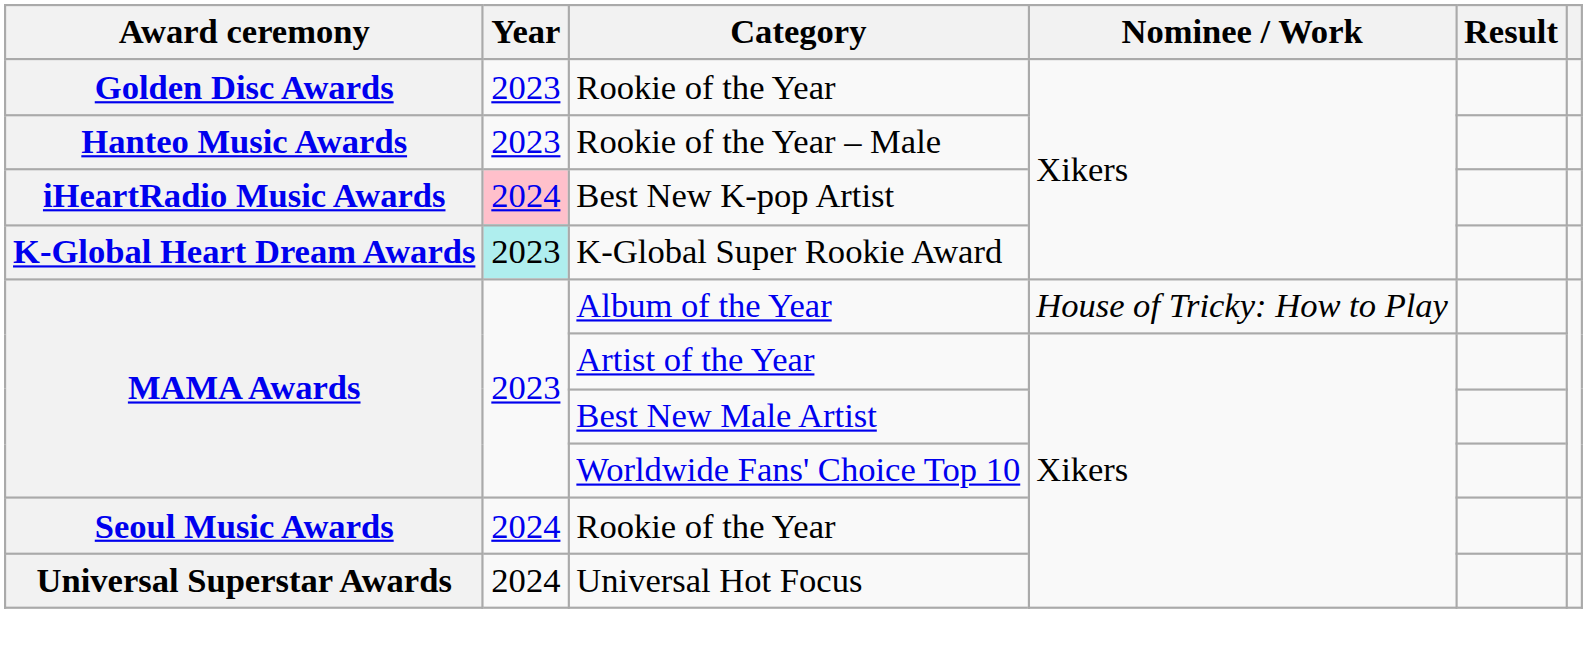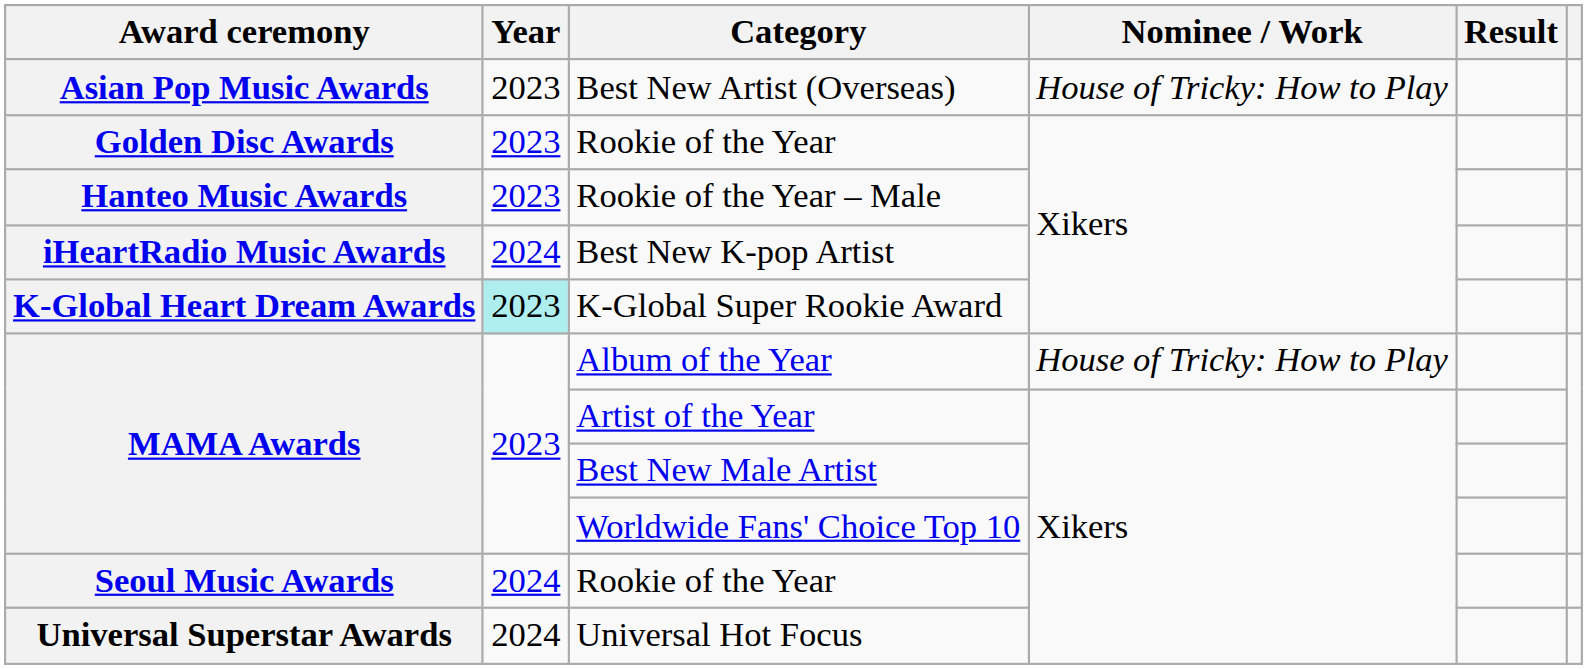 <table class="wikitable plainrowheaders sortable">
 <tr>
 <th scope="col">Award ceremony</th>
 <th scope="col">Year</th>
 <th scope="col">Category</th>
 <th scope="col">Nominee / Work</th>
 <th scope="col">Result</th>
 <th scope="col" class="unsortable"></th>
+</tr>
+<tr>
+<th scope="row"><a href='#'>Asian Pop Music Awards</a></th>
+<td style="text-align:center">2023</td>
+<td>Best New Artist (Overseas)</td>
+<td><em>House of Tricky: How to Play</em></td>
+<td></td>
+<td style="text-align:center"></td>
 </tr>
 <tr>
 <th scope="row"><a href='#'>Golden Disc Awards</a></th>
 <td style="text-align:center"><a href='#'>2023</a></td>
 <td>Rookie of the Year</td>
 <td rowspan="4">Xikers</td>
 <td></td>
 <td style="text-align:center"></td>
 </tr>
 <tr>
 <th scope="row"><a href='#'>Hanteo Music Awards</a></th>
 <td style="text-align:center"><a href='#'>2023</a></td>
 <td>Rookie of the Year – Male</td>
 <td></td>
 <td style="text-align:center"></td>
 </tr>
 <tr>
 <th scope="row"><a href='#'>iHeartRadio Music Awards</a></th>
-<td style="background: pink; text-align:center"><a href='#'>2024</a></td>
+<td style="text-align:center"><a href='#'>2024</a></td>
 <td>Best New K-pop Artist</td>
 <td></td>
 <td style="text-align:center"></td>
 </tr>
 <tr>
 <th scope="row"><a href='#'>K-Global Heart Dream Awards</a></th>
 <td style="background: paleturquoise; text-align:center">2023</td>
 <td style="text-align:left">K-Global Super Rookie Award</td>
 <td></td>
 <td style="text-align:center"></td>
 </tr>
 <tr>
 <th scope="row" rowspan="4"><a href='#'>MAMA Awards</a></th>
 <td rowspan="4" style="text-align:center"><a href='#'>2023</a></td>
 <td><a href='#'>Album of the Year</a></td>
 <td><em>House of Tricky: How to Play</em></td>
 <td></td>
 <td rowspan="4" style="text-align:center"></td>
 </tr>
 <tr>
 <td><a href='#'>Artist of the Year</a></td>
 <td rowspan="5">Xikers</td>
 <td></td>
 </tr>
 <tr>
 <td><a href='#'>Best New Male Artist</a></td>
 <td></td>
 </tr>
 <tr>
 <td><a href='#'>Worldwide Fans' Choice Top 10</a></td>
 <td></td>
 </tr>
 <tr>
 <th scope="row"><a href='#'>Seoul Music Awards</a></th>
 <td style="text-align:center"><a href='#'>2024</a></td>
 <td>Rookie of the Year</td>
 <td></td>
 <td style="text-align:center"></td>
 </tr>
 <tr>
 <th scope="row">Universal Superstar Awards</th>
 <td style="text-align:center">2024</td>
 <td>Universal Hot Focus</td>
 <td></td>
 <td style="text-align:center"></td>
 </tr>
 </table>
